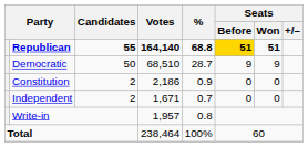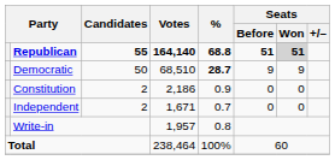 <table class="wikitable">
 <tr>
 <th rowspan="2" colspan="2">Party</th>
 <th rowspan="2">Candidates</th>
 <th rowspan="2">Votes</th>
 <th rowspan="2">%</th>
 <th colspan="3">Seats</th>
 </tr>
 <tr>
 <th>Before</th>
 <th>Won</th>
 <th>+/–</th>
 </tr>
 <tr>
 <th style="background-color:"></th>
 <td><strong><a href='#'>Republican</a></strong></td>
 <td align="right"><strong>55</strong></td>
 <td align="right"><strong>164,140</strong></td>
 <td align="right"><strong>68.8</strong></td>
-<td align="right" style="background: gold;"><strong>51</strong></td>
 <td align="right"><strong>51</strong></td>
+<td align="right" style="background: lightgrey;"><strong>51</strong></td>
 <td align="right"></td>
 </tr>
 <tr>
 <th style="background-color:"></th>
 <td><a href='#'>Democratic</a></td>
 <td align="right">50</td>
 <td align="right">68,510</td>
-<td align="right">28.7</td>
+<td align="right"><strong>28.7</strong></td>
 <td align="right">9</td>
 <td align="right">9</td>
 <td align="right"></td>
 </tr>
 <tr>
 <th style="background-color:"></th>
 <td><a href='#'>Constitution</a></td>
 <td align="right">2</td>
 <td align="right">2,186</td>
 <td align="right">0.9</td>
 <td align="right">0</td>
 <td align="right">0</td>
 <td align="right"></td>
 </tr>
 <tr>
 <th style="background-color:"></th>
 <td><a href='#'>Independent</a></td>
 <td align="right">2</td>
 <td align="right">1,671</td>
 <td align="right">0.7</td>
 <td align="right">0</td>
 <td align="right">0</td>
 <td align="right"></td>
 </tr>
 <tr>
 <th style="background-color:"></th>
 <td colspan="2"><a href='#'>Write-in</a></td>
 <td align="right">1,957</td>
 <td align="right">0.8</td>
 <td colspan="3"></td>
 </tr>
 <tr>
 <td colspan="3"><strong>Total</strong></td>
 <td align="right">238,464</td>
 <td align="right">100%</td>
 <td colspan="3" align="center">60</td>
 </tr>
 <tr>
 </tr>
 </table>
